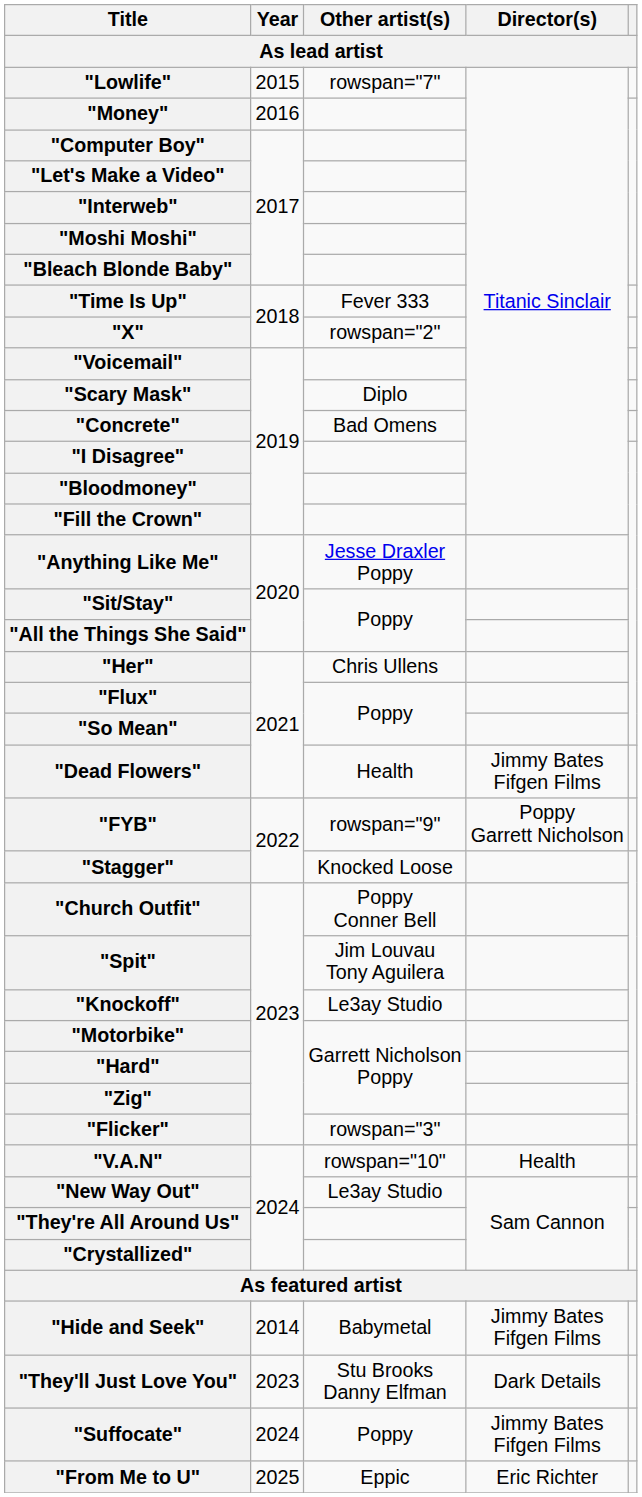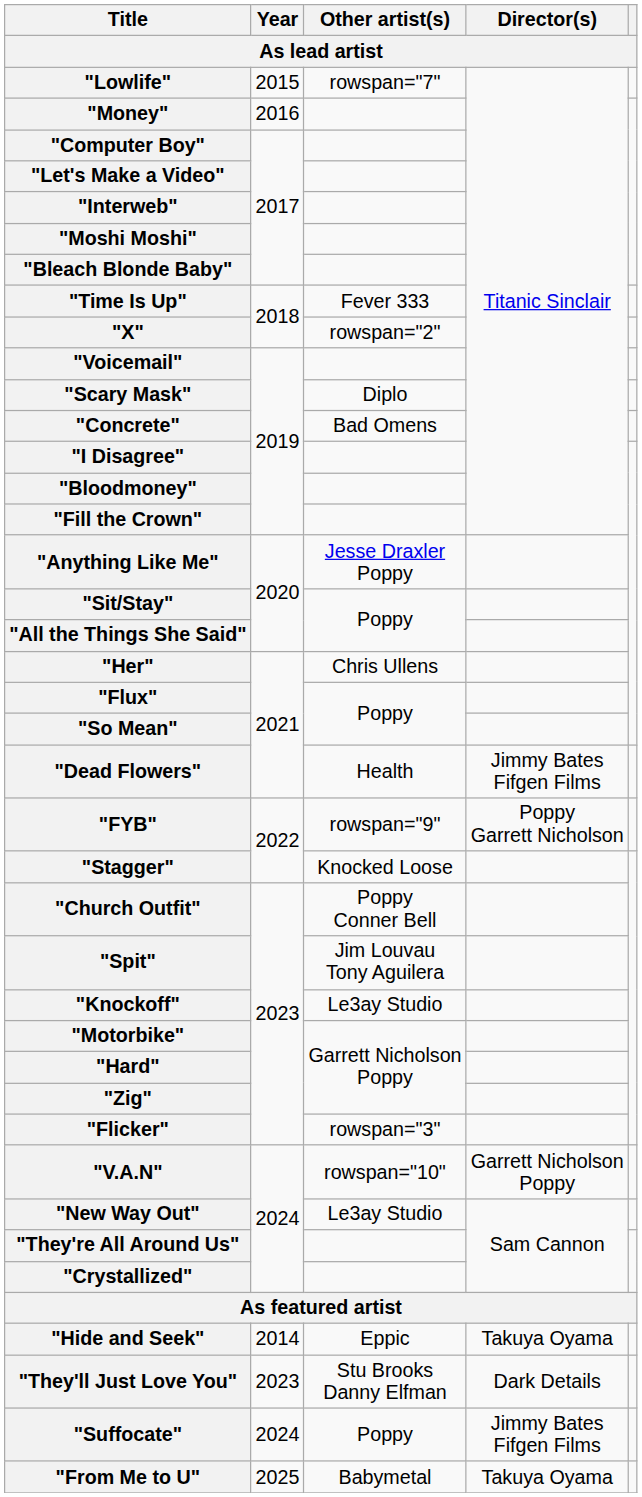 <table class="wikitable plainrowheaders" style="text-align:center;">
 <tr>
 <th scope="col">Title</th>
 <th scope="col">Year</th>
 <th scope="col">Other artist(s)</th>
 <th scope="col">Director(s)</th>
 <th scope="col"></th>
 </tr>
 <tr>
 <th scope="col" colspan="5">As lead artist</th>
 </tr>
 <tr>
 <th scope="row">"Lowlife"</th>
 <td>2015</td>
 <td>rowspan="7" </td>
 <td rowspan="15"><a href='#'>Titanic Sinclair</a></td>
 <td></td>
 </tr>
 <tr>
 <th scope="row">"Money"</th>
 <td>2016</td>
 <td></td>
 </tr>
 <tr>
 <th scope="row">"Computer Boy"</th>
 <td rowspan="5">2017</td>
 <td></td>
 </tr>
 <tr>
 <th scope="row">"Let's Make a Video"</th>
 <td></td>
 </tr>
 <tr>
 <th scope="row">"Interweb"</th>
 <td></td>
 </tr>
 <tr>
 <th scope="row">"Moshi Moshi"</th>
 <td></td>
 </tr>
 <tr>
 <th scope="row">"Bleach Blonde Baby"</th>
 <td></td>
 </tr>
 <tr>
 <th scope="row">"Time Is Up"</th>
 <td rowspan="2">2018</td>
 <td>Fever 333</td>
 <td></td>
 </tr>
 <tr>
 <th scope="row">"X"</th>
 <td>rowspan="2" </td>
 <td></td>
 </tr>
 <tr>
 <th scope="row">"Voicemail"</th>
 <td rowspan="6">2019</td>
 <td></td>
 </tr>
 <tr>
 <th scope="row">"Scary Mask"</th>
 <td>Diplo</td>
 <td></td>
 </tr>
 <tr>
 <th scope="row">"Concrete"</th>
 <td>Bad Omens</td>
 <td></td>
 </tr>
 <tr>
 <th scope="row">"I Disagree"</th>
 <td></td>
 </tr>
 <tr>
 <th scope="row">"Bloodmoney"</th>
 <td></td>
 </tr>
 <tr>
 <th scope="row">"Fill the Crown"</th>
 <td></td>
 </tr>
 <tr>
 <th scope="row">"Anything Like Me"</th>
 <td rowspan="3">2020</td>
 <td><a href='#'>Jesse Draxler</a><br>Poppy</td>
 <td></td>
 </tr>
 <tr>
 <th scope="row">"Sit/Stay"</th>
 <td rowspan="2">Poppy</td>
 <td></td>
 </tr>
 <tr>
 <th scope="row">"All the Things She Said"</th>
 <td></td>
 </tr>
 <tr>
 <th scope="row">"Her"</th>
 <td rowspan="4">2021</td>
 <td>Chris Ullens</td>
 <td></td>
 </tr>
 <tr>
 <th scope="row">"Flux"</th>
 <td rowspan="2">Poppy</td>
 <td></td>
 </tr>
 <tr>
 <th scope="row">"So Mean"</th>
 <td></td>
 </tr>
 <tr>
 <th scope="row">"Dead Flowers"</th>
 <td>Health</td>
 <td>Jimmy Bates<br>Fifgen Films</td>
 <td></td>
 </tr>
 <tr>
 <th scope="row">"FYB"</th>
 <td rowspan="2">2022</td>
 <td>rowspan="9" </td>
 <td>Poppy<br>Garrett Nicholson</td>
 <td></td>
 </tr>
 <tr>
 <th scope="row">"Stagger"</th>
 <td>Knocked Loose</td>
 <td></td>
 </tr>
 <tr>
 <th scope="row">"Church Outfit"</th>
 <td rowspan="7">2023</td>
 <td>Poppy<br>Conner Bell</td>
 <td></td>
 </tr>
 <tr>
 <th scope="row">"Spit"</th>
 <td>Jim Louvau<br>Tony Aguilera</td>
 <td></td>
 </tr>
 <tr>
 <th scope="row">"Knockoff"</th>
 <td>Le3ay Studio</td>
 <td></td>
 </tr>
 <tr>
 <th scope="row">"Motorbike"</th>
 <td rowspan="3">Garrett Nicholson<br>Poppy</td>
 <td></td>
 </tr>
 <tr>
 <th scope="row">"Hard"</th>
 <td></td>
 </tr>
 <tr>
 <th scope="row">"Zig"</th>
 <td></td>
 </tr>
 <tr>
 <th scope="row">"Flicker"</th>
 <td>rowspan="3" </td>
 <td></td>
 </tr>
 <tr>
 <th scope="row">"V.A.N"</th>
 <td rowspan="4">2024</td>
 <td>rowspan="10" </td>
-<td>Health</td>
+<td>Garrett Nicholson<br>Poppy</td>
 <td></td>
 </tr>
 <tr>
 <th scope="row">"New Way Out"</th>
 <td>Le3ay Studio</td>
 <td rowspan="3">Sam Cannon</td>
 <td></td>
 </tr>
 <tr>
 <th scope="row">"They're All Around Us"</th>
 <td></td>
 </tr>
 <tr>
 <th scope="row">"Crystallized"</th>
 <td></td>
 </tr>
 <tr>
 <th scope="col" colspan="5">As featured artist</th>
 </tr>
 <tr>
 <th scope="row">"Hide and Seek"</th>
 <td>2014</td>
-<td>Babymetal</td>
-<td>Jimmy Bates<br>Fifgen Films</td>
+<td>Eppic</td>
+<td>Takuya Oyama</td>
 <td></td>
 </tr>
 <tr>
 <th scope="row">"They'll Just Love You"</th>
 <td>2023</td>
 <td>Stu Brooks<br>Danny Elfman</td>
 <td>Dark Details</td>
 <td></td>
 </tr>
 <tr>
 <th scope="row">"Suffocate"</th>
 <td>2024</td>
 <td>Poppy</td>
 <td>Jimmy Bates<br>Fifgen Films</td>
 <td></td>
 </tr>
 <tr>
 <th scope="row">"From Me to U"</th>
 <td>2025</td>
-<td>Eppic</td>
-<td>Eric Richter</td>
+<td>Babymetal</td>
+<td>Takuya Oyama</td>
 <td></td>
 </tr>
 </table>
